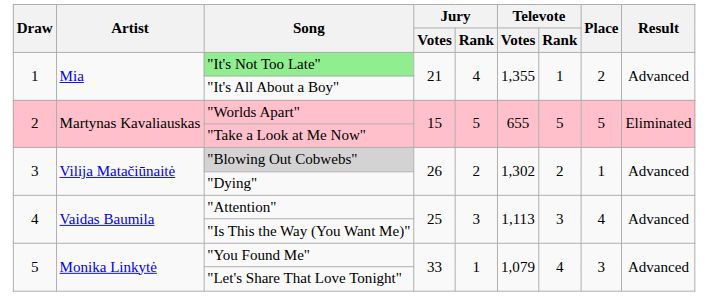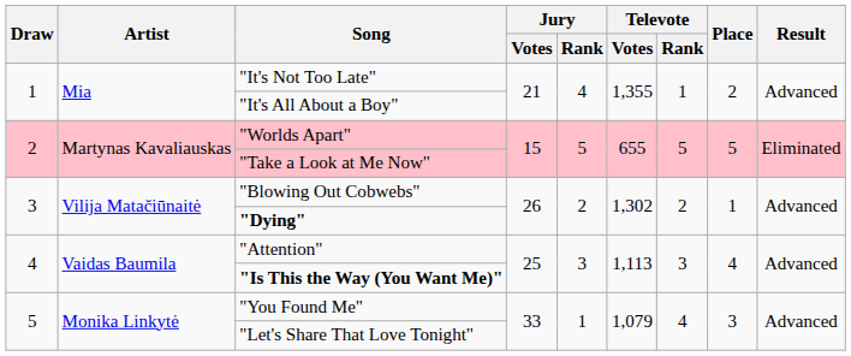 <table class="sortable wikitable" style="margin: 1em auto 1em auto; text-align:center;">
 <tr>
 <th rowspan="2">Draw</th>
 <th rowspan="2">Artist</th>
 <th rowspan="2">Song</th>
 <th colspan="2">Jury</th>
 <th colspan="2">Televote</th>
 <th rowspan="2">Place</th>
 <th rowspan="2">Result</th>
 </tr>
 <tr>
 <th>Votes</th>
 <th>Rank</th>
 <th>Votes</th>
 <th>Rank</th>
 </tr>
 <tr>
 <td rowspan="2">1</td>
 <td rowspan="2" align="left"><a href='#'>Mia</a></td>
-<td align="left" style="background: lightgreen;">"It's Not Too Late"</td>
+<td align="left">"It's Not Too Late"</td>
 <td rowspan="2">21</td>
 <td rowspan="2">4</td>
 <td rowspan="2">1,355</td>
 <td rowspan="2">1</td>
 <td rowspan="2">2</td>
 <td rowspan="2">Advanced</td>
 </tr>
 <tr>
 <td align="left">"It's All About a Boy"</td>
 </tr>
 <tr style="background:pink;">
 <td rowspan="2">2</td>
 <td rowspan="2" align="left">Martynas Kavaliauskas</td>
 <td align="left">"Worlds Apart"</td>
 <td rowspan="2">15</td>
 <td rowspan="2">5</td>
 <td rowspan="2">655</td>
 <td rowspan="2">5</td>
 <td rowspan="2">5</td>
 <td rowspan="2">Eliminated</td>
 </tr>
 <tr style="background:pink;">
 <td align="left">"Take a Look at Me Now"</td>
 </tr>
 <tr>
 <td rowspan="2">3</td>
 <td rowspan="2" align="left"><a href='#'>Vilija Matačiūnaitė</a></td>
-<td align="left" style="background: lightgrey;">"Blowing Out Cobwebs"</td>
+<td align="left">"Blowing Out Cobwebs"</td>
 <td rowspan="2">26</td>
 <td rowspan="2">2</td>
 <td rowspan="2">1,302</td>
 <td rowspan="2">2</td>
 <td rowspan="2">1</td>
 <td rowspan="2">Advanced</td>
 </tr>
 <tr>
-<td align="left">"Dying"</td>
+<td align="left"><strong>"Dying"</strong></td>
 </tr>
 <tr>
 <td rowspan="2">4</td>
 <td rowspan="2" align="left"><a href='#'>Vaidas Baumila</a></td>
 <td align="left">"Attention"</td>
 <td rowspan="2">25</td>
 <td rowspan="2">3</td>
 <td rowspan="2">1,113</td>
 <td rowspan="2">3</td>
 <td rowspan="2">4</td>
 <td rowspan="2">Advanced</td>
 </tr>
 <tr>
-<td align="left">"Is This the Way (You Want Me)"</td>
+<td align="left"><strong>"Is This the Way (You Want Me)"</strong></td>
 </tr>
 <tr>
 <td rowspan="2">5</td>
 <td rowspan="2" align="left"><a href='#'>Monika Linkytė</a></td>
 <td align="left">"You Found Me"</td>
 <td rowspan="2">33</td>
 <td rowspan="2">1</td>
 <td rowspan="2">1,079</td>
 <td rowspan="2">4</td>
 <td rowspan="2">3</td>
 <td rowspan="2">Advanced</td>
 </tr>
 <tr>
 <td align="left">"Let's Share That Love Tonight"</td>
 </tr>
 </table>
